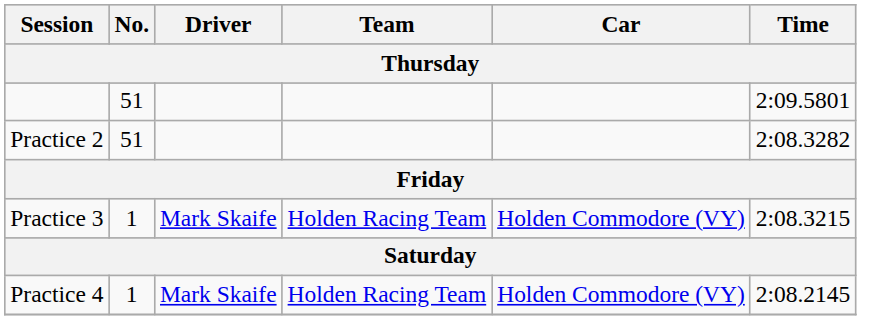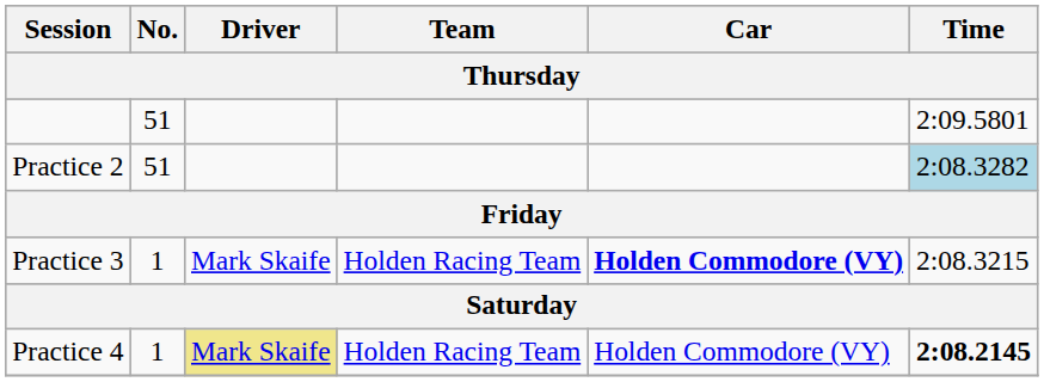 <table class="wikitable" style="font-size: 90%">
 <tr>
 <th>Session</th>
 <th>No.</th>
 <th>Driver</th>
 <th>Team</th>
 <th>Car</th>
 <th>Time</th>
 </tr>
 <tr>
 <th colspan="6">Thursday</th>
 </tr>
 <tr>
 <td></td>
 <td align="center">51</td>
 <td></td>
 <td></td>
 <td></td>
 <td>2:09.5801</td>
 </tr>
 <tr>
 <td>Practice 2</td>
 <td align="center">51</td>
 <td></td>
 <td></td>
 <td></td>
-<td>2:08.3282</td>
+<td style="background: lightblue;">2:08.3282</td>
 </tr>
 <tr>
 <th colspan="6">Friday</th>
 </tr>
 <tr>
 <td>Practice 3</td>
 <td align="center">1</td>
 <td> <a href='#'>Mark Skaife</a></td>
 <td><a href='#'>Holden Racing Team</a></td>
-<td><a href='#'>Holden Commodore (VY)</a></td>
+<td><strong><a href='#'>Holden Commodore (VY)</a></strong></td>
 <td>2:08.3215</td>
 </tr>
 <tr>
 <th colspan="6">Saturday</th>
 </tr>
 <tr>
 <td>Practice 4</td>
 <td align="center">1</td>
-<td> <a href='#'>Mark Skaife</a></td>
+<td style="background: khaki;"> <a href='#'>Mark Skaife</a></td>
 <td><a href='#'>Holden Racing Team</a></td>
 <td><a href='#'>Holden Commodore (VY)</a></td>
-<td>2:08.2145</td>
+<td><strong>2:08.2145</strong></td>
 </tr>
 <tr>
 </tr>
 </table>
